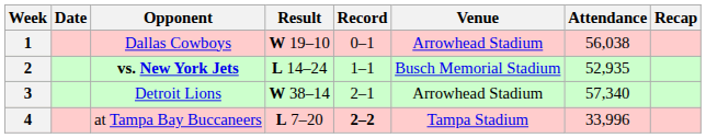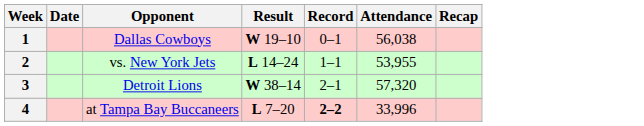 <table class="wikitable" style="text-align:center">
 <tr>
 <th>Week</th>
 <th>Date</th>
 <th>Opponent</th>
 <th>Result</th>
 <th>Record</th>
-<th>Venue</th>
 <th>Attendance</th>
 <th>Recap</th>
 </tr>
 <tr style="background:#fcc">
 <th>1</th>
 <td></td>
 <td><a href='#'>Dallas Cowboys</a></td>
 <td><strong>W</strong> 19–10</td>
 <td>0–1</td>
-<td><a href='#'>Arrowhead Stadium</a></td>
 <td>56,038</td>
 <td></td>
 </tr>
 <tr style="background:#cfc">
 <th>2</th>
 <td></td>
-<td><strong>vs. <a href='#'>New York Jets</a></strong></td>
+<td>vs. <a href='#'>New York Jets</a></td>
 <td><strong>L</strong> 14–24</td>
 <td>1–1</td>
-<td><a href='#'>Busch Memorial Stadium</a> </td>
-<td>52,935</td>
+<td>53,955</td>
 <td></td>
 </tr>
 <tr style="background:#cfc">
 <th>3</th>
 <td></td>
 <td><a href='#'>Detroit Lions</a></td>
 <td><strong>W</strong> 38–14</td>
 <td>2–1</td>
-<td>Arrowhead Stadium</td>
-<td>57,340</td>
+<td>57,320</td>
 <td></td>
 </tr>
 <tr style="background:#fcc">
 <th>4</th>
 <td></td>
 <td>at <a href='#'>Tampa Bay Buccaneers</a></td>
 <td><strong>L</strong> 7–20</td>
 <td><strong>2–2</strong></td>
-<td><a href='#'>Tampa Stadium</a></td>
 <td>33,996</td>
 <td></td>
 </tr>
 </table>
